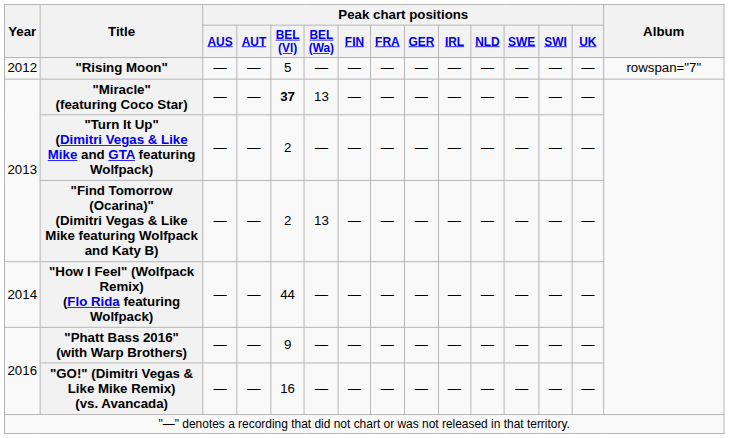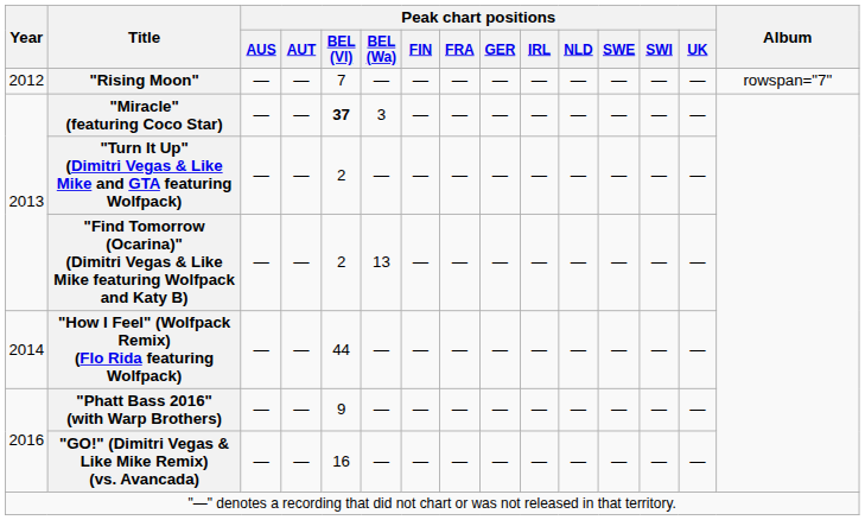 <table class="wikitable plainrowheaders" style="text-align:center;">
 <tr>
 <th scope="col" rowspan="2" style="width:1em;">Year</th>
 <th scope="col" rowspan="2" style="width:15em;">Title</th>
 <th scope="col" colspan="12">Peak chart positions</th>
 <th scope="col" rowspan="2" style="width:10em;">Album</th>
 </tr>
 <tr>
 <th scope="col" style="width:2.5em;font-size:90%;"><a href='#'>AUS</a><br></th>
 <th scope="col" style="width:2.5em;font-size:90%;"><a href='#'>AUT</a><br></th>
 <th scope="col" style="width:2.5em;font-size:90%;"><a href='#'>BEL (Vl)</a><br></th>
 <th scope="col" style="width:2.5em;font-size:90%;"><a href='#'>BEL (Wa)</a><br></th>
 <th scope="col" style="width:2.5em;font-size:90%;"><a href='#'>FIN</a><br></th>
 <th scope="col" style="width:2.5em;font-size:90%;"><a href='#'>FRA</a><br></th>
 <th scope="col" style="width:2.5em;font-size:90%;"><a href='#'>GER</a><br></th>
 <th scope="col" style="width:2.5em;font-size:90%;"><a href='#'>IRL</a><br></th>
 <th scope="col" style="width:2.5em;font-size:90%;"><a href='#'>NLD</a><br></th>
 <th scope="col" style="width:2.5em;font-size:90%;"><a href='#'>SWE</a><br></th>
 <th scope="col" style="width:2.5em;font-size:90%;"><a href='#'>SWI</a><br></th>
 <th scope="col" style="width:2.5em;font-size:90%;"><a href='#'>UK</a><br></th>
 </tr>
 <tr>
 <td rowspan="1">2012</td>
 <th scope="row">"Rising Moon"</th>
 <td>—</td>
 <td>—</td>
-<td>5</td>
+<td>7</td>
 <td>—</td>
 <td>—</td>
 <td>—</td>
 <td>—</td>
 <td>—</td>
 <td>—</td>
 <td>—</td>
 <td>—</td>
 <td>—</td>
 <td>rowspan="7" </td>
 </tr>
 <tr>
 <td rowspan="3">2013</td>
 <th scope="row">"Miracle" <br><span>(featuring Coco Star)</span></th>
 <td>—</td>
 <td>—</td>
 <td><strong>37</strong></td>
-<td>13</td>
+<td>3</td>
 <td>—</td>
 <td>—</td>
 <td>—</td>
 <td>—</td>
 <td>—</td>
 <td>—</td>
 <td>—</td>
 <td>—</td>
 </tr>
 <tr>
 <th scope="row">"Turn It Up" <br><span>(<a href='#'>Dimitri Vegas & Like Mike</a> and <a href='#'>GTA</a> featuring Wolfpack)</span></th>
 <td>—</td>
 <td>—</td>
 <td>2</td>
 <td>—</td>
 <td>—</td>
 <td>—</td>
 <td>—</td>
 <td>—</td>
 <td>—</td>
 <td>—</td>
 <td>—</td>
 <td>—</td>
 </tr>
 <tr>
 <th scope="row">"Find Tomorrow (Ocarina)"<br><span>(Dimitri Vegas & Like Mike featuring Wolfpack and Katy B)</span></th>
 <td>—</td>
 <td>—</td>
 <td>2</td>
 <td>13</td>
 <td>—</td>
 <td>—</td>
 <td>—</td>
 <td>—</td>
 <td>—</td>
 <td>—</td>
 <td>—</td>
 <td>—</td>
 </tr>
 <tr>
 <td rowspan="1">2014</td>
 <th scope="row">"How I Feel" (Wolfpack Remix) <br><span>(<a href='#'>Flo Rida</a> featuring Wolfpack)</span></th>
 <td>—</td>
 <td>—</td>
 <td>44</td>
 <td>—</td>
 <td>—</td>
 <td>—</td>
 <td>—</td>
 <td>—</td>
 <td>—</td>
 <td>—</td>
 <td>—</td>
 <td>—</td>
 </tr>
 <tr>
 <td rowspan="2">2016</td>
 <th scope="row">"Phatt Bass 2016" <br><span>(with Warp Brothers)</span></th>
 <td>—</td>
 <td>—</td>
 <td>9</td>
 <td>—</td>
 <td>—</td>
 <td>—</td>
 <td>—</td>
 <td>—</td>
 <td>—</td>
 <td>—</td>
 <td>—</td>
 <td>—</td>
 </tr>
 <tr>
 <th scope="row">"GO!" (Dimitri Vegas & Like Mike Remix) <br><span>(vs. Avancada)</span></th>
 <td>—</td>
 <td>—</td>
 <td>16</td>
 <td>—</td>
 <td>—</td>
 <td>—</td>
 <td>—</td>
 <td>—</td>
 <td>—</td>
 <td>—</td>
 <td>—</td>
 <td>—</td>
 </tr>
 <tr>
 <td colspan="16" style="font-size:90%">"—" denotes a recording that did not chart or was not released in that territory.</td>
 </tr>
 </table>
